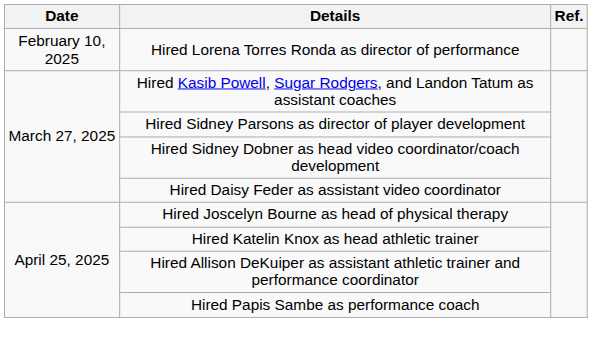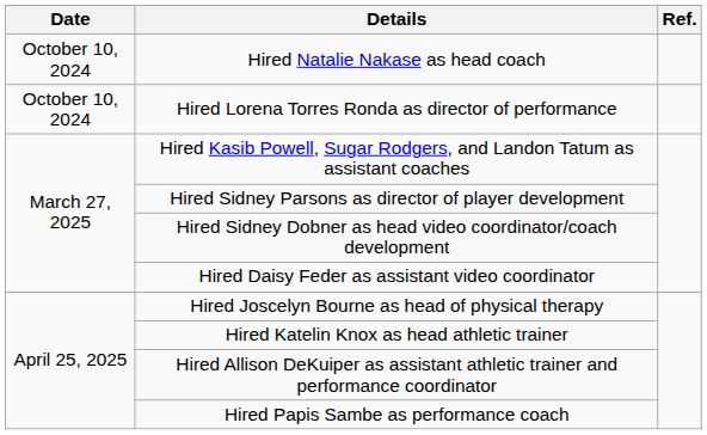 <table class="wikitable sortable sortable" style="text-align: center">
 <tr>
 <th>Date</th>
 <th>Details</th>
 <th>Ref.</th>
 </tr>
 <tr>
-<td>February 10, 2025</td>
+<td>October 10, 2024</td>
+<td>Hired <a href='#'>Natalie Nakase</a> as head coach</td>
+<td></td>
+</tr>
+<tr>
+<td>October 10, 2024</td>
 <td>Hired Lorena Torres Ronda as director of performance</td>
 <td></td>
 </tr>
 <tr>
 <td rowspan=4>March 27, 2025</td>
 <td>Hired <a href='#'>Kasib Powell</a>, <a href='#'>Sugar Rodgers</a>, and Landon Tatum as assistant coaches</td>
 <td rowspan=4></td>
 </tr>
 <tr>
 <td>Hired Sidney Parsons as director of player development</td>
 </tr>
 <tr>
 <td>Hired Sidney Dobner as head video coordinator/coach development</td>
 </tr>
 <tr>
 <td>Hired Daisy Feder as assistant video coordinator</td>
 </tr>
 <tr>
 <td rowspan=4>April 25, 2025</td>
 <td>Hired Joscelyn Bourne as head of physical therapy</td>
 <td rowspan=4></td>
 </tr>
 <tr>
 <td>Hired Katelin Knox as head athletic trainer</td>
 </tr>
 <tr>
 <td>Hired Allison DeKuiper as assistant athletic trainer and performance coordinator</td>
 </tr>
 <tr>
 <td>Hired Papis Sambe as performance coach</td>
 </tr>
 </table>
